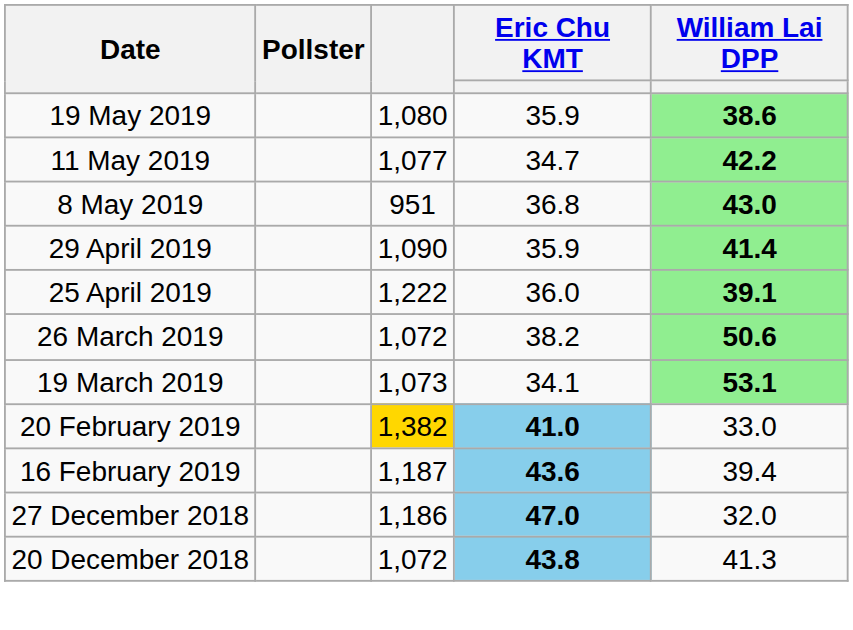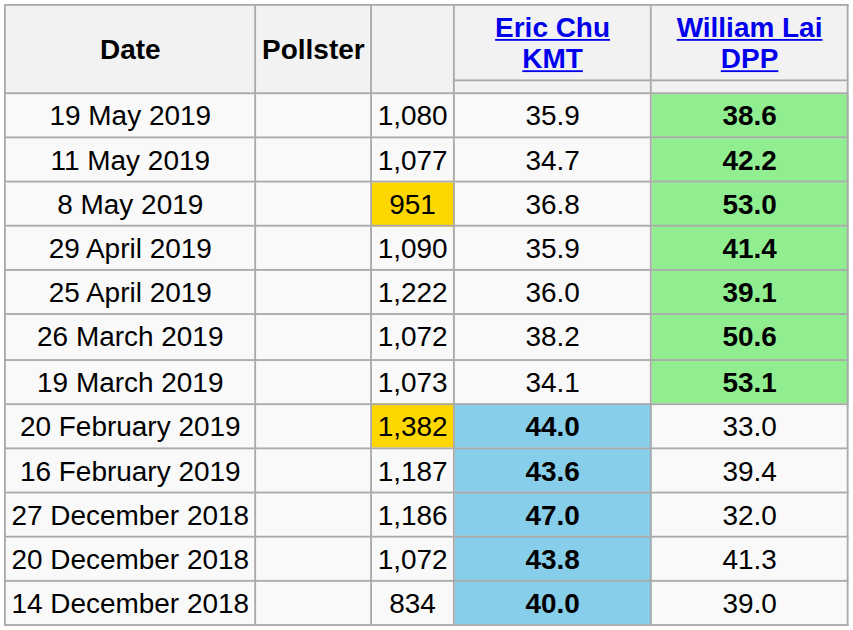 <table class="wikitable sortable collapsible" style="font-size:95%; text-align:center">
 <tr>
 <th rowspan=2>Date</th>
 <th rowspan=2>Pollster</th>
 <th rowspan=2></th>
 <th width=100px><a href='#'>Eric Chu</a><br><a href='#'>KMT</a></th>
 <th width=100px><a href='#'>William Lai</a><br><a href='#'>DPP</a></th>
 </tr>
 <tr>
 <th style="background:"></th>
 <th style="background:"></th>
 </tr>
 <tr>
 <td>19 May 2019</td>
 <td></td>
 <td>1,080</td>
 <td>35.9</td>
 <td style="background-color:lightgreen;"><strong>38.6</strong></td>
 </tr>
 <tr>
 <td>11 May 2019</td>
 <td></td>
 <td>1,077</td>
 <td>34.7</td>
 <td style="background-color:lightgreen;"><strong>42.2</strong></td>
 </tr>
 <tr>
 <td>8 May 2019</td>
 <td></td>
-<td>951</td>
+<td style="background: gold;">951</td>
 <td>36.8</td>
-<td style="background-color:lightgreen;"><strong>43.0</strong></td>
+<td style="background-color:lightgreen;"><strong>53.0</strong></td>
 </tr>
 <tr>
 <td>29 April 2019</td>
 <td></td>
 <td>1,090</td>
 <td>35.9</td>
 <td style="background-color:lightgreen;"><strong>41.4</strong></td>
 </tr>
 <tr>
 <td>25 April 2019</td>
 <td></td>
 <td>1,222</td>
 <td>36.0</td>
 <td style="background-color:lightgreen;"><strong>39.1</strong></td>
 </tr>
 <tr>
 <td>26 March 2019</td>
 <td></td>
 <td>1,072</td>
 <td>38.2</td>
 <td style="background-color:lightgreen;"><strong>50.6</strong></td>
 </tr>
 <tr>
 <td>19 March 2019</td>
 <td></td>
 <td>1,073</td>
 <td>34.1</td>
 <td style="background-color:lightgreen;"><strong>53.1</strong></td>
 </tr>
 <tr>
 <td>20 February 2019</td>
 <td></td>
 <td style="background: gold;">1,382</td>
-<td style="background-color:skyblue;"><strong>41.0</strong></td>
+<td style="background-color:skyblue;"><strong>44.0</strong></td>
 <td>33.0</td>
 </tr>
 <tr>
 <td>16 February 2019</td>
 <td></td>
 <td>1,187</td>
 <td style="background-color:skyblue;"><strong>43.6</strong></td>
 <td>39.4</td>
 </tr>
 <tr>
 <td>27 December 2018</td>
 <td></td>
 <td>1,186</td>
 <td style="background-color:skyblue;"><strong>47.0</strong></td>
 <td>32.0</td>
 </tr>
 <tr>
 <td>20 December 2018</td>
 <td></td>
 <td>1,072</td>
 <td style="background-color:skyblue;"><strong>43.8</strong></td>
 <td>41.3</td>
 </tr>
+<tr>
+<td>14 December 2018</td>
+<td></td>
+<td>834</td>
+<td style="background-color:skyblue;"><strong>40.0</strong></td>
+<td>39.0</td>
+</tr>
 </table>
